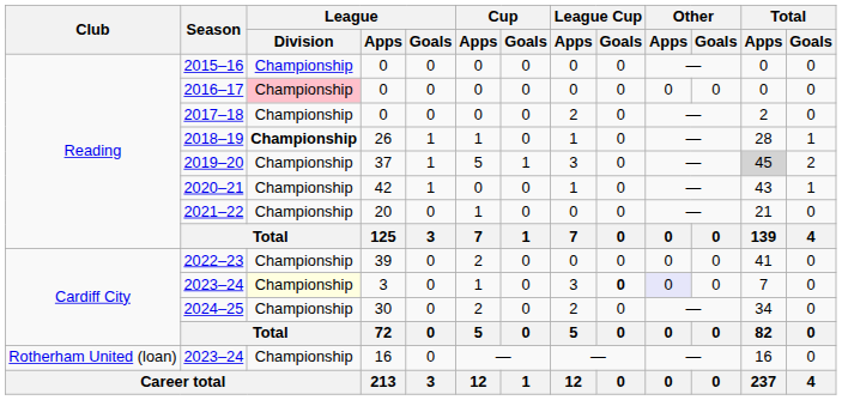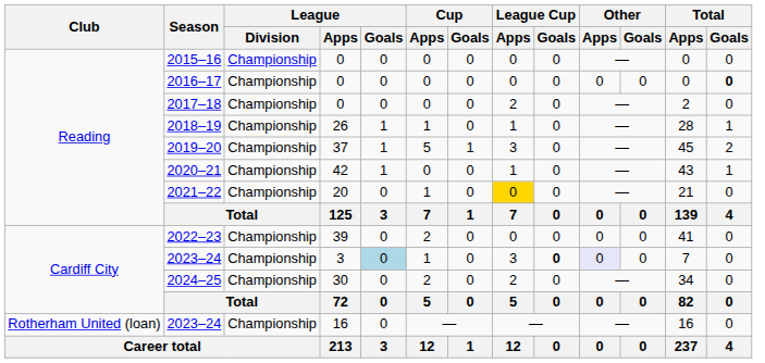 <table class=wikitable style="text-align: center;">
 <tr>
 <th rowspan=2>Club</th>
 <th rowspan=2>Season</th>
 <th colspan=3>League</th>
 <th colspan=2>Cup</th>
 <th colspan=2>League Cup</th>
 <th colspan=2>Other</th>
 <th colspan=2>Total</th>
 </tr>
 <tr>
 <th>Division</th>
 <th>Apps</th>
 <th>Goals</th>
 <th>Apps</th>
 <th>Goals</th>
 <th>Apps</th>
 <th>Goals</th>
 <th>Apps</th>
 <th>Goals</th>
 <th>Apps</th>
 <th>Goals</th>
 </tr>
 <tr>
 <td rowspan=8><a href='#'>Reading</a></td>
 <td><a href='#'>2015–16</a></td>
 <td><a href='#'>Championship</a></td>
 <td>0</td>
 <td>0</td>
 <td>0</td>
 <td>0</td>
 <td>0</td>
 <td>0</td>
 <td colspan=2>—</td>
 <td>0</td>
 <td>0</td>
 </tr>
 <tr>
 <td><a href='#'>2016–17</a></td>
-<td style="background: pink;">Championship</td>
+<td>Championship</td>
 <td>0</td>
 <td>0</td>
 <td>0</td>
 <td>0</td>
 <td>0</td>
 <td>0</td>
 <td>0</td>
 <td>0</td>
 <td>0</td>
-<td>0</td>
+<td><strong>0</strong></td>
 </tr>
 <tr>
 <td><a href='#'>2017–18</a></td>
 <td>Championship</td>
 <td>0</td>
 <td>0</td>
 <td>0</td>
 <td>0</td>
 <td>2</td>
 <td>0</td>
 <td colspan=2>—</td>
 <td>2</td>
 <td>0</td>
 </tr>
 <tr>
 <td><a href='#'>2018–19</a></td>
-<td><strong>Championship</strong></td>
+<td>Championship</td>
 <td>26</td>
 <td>1</td>
 <td>1</td>
 <td>0</td>
 <td>1</td>
 <td>0</td>
 <td colspan=2>—</td>
 <td>28</td>
 <td>1</td>
 </tr>
 <tr>
 <td><a href='#'>2019–20</a></td>
 <td>Championship</td>
 <td>37</td>
 <td>1</td>
 <td>5</td>
 <td>1</td>
 <td>3</td>
 <td>0</td>
 <td colspan=2>—</td>
-<td style="background: lightgrey;">45</td>
+<td>45</td>
 <td>2</td>
 </tr>
 <tr>
 <td><a href='#'>2020–21</a></td>
 <td>Championship</td>
 <td>42</td>
 <td>1</td>
 <td>0</td>
 <td>0</td>
 <td>1</td>
 <td>0</td>
 <td colspan=2>—</td>
 <td>43</td>
 <td>1</td>
 </tr>
 <tr>
 <td><a href='#'>2021–22</a></td>
 <td>Championship</td>
 <td>20</td>
 <td>0</td>
 <td>1</td>
 <td>0</td>
-<td>0</td>
+<td style="background: gold;">0</td>
 <td>0</td>
 <td colspan=2>—</td>
 <td>21</td>
 <td>0</td>
 </tr>
 <tr>
 <th colspan=2>Total</th>
 <th>125</th>
 <th>3</th>
 <th>7</th>
 <th>1</th>
 <th>7</th>
 <th>0</th>
 <th>0</th>
 <th>0</th>
 <th>139</th>
 <th>4</th>
 </tr>
 <tr>
 <td rowspan=4><a href='#'>Cardiff City</a></td>
 <td><a href='#'>2022–23</a></td>
 <td>Championship</td>
 <td>39</td>
 <td>0</td>
 <td>2</td>
 <td>0</td>
 <td>0</td>
 <td>0</td>
 <td>0</td>
 <td>0</td>
 <td>41</td>
 <td>0</td>
 </tr>
 <tr>
 <td><a href='#'>2023–24</a></td>
-<td style="background: lightyellow;">Championship</td>
+<td>Championship</td>
 <td>3</td>
-<td>0</td>
+<td style="background: lightblue;">0</td>
 <td>1</td>
 <td>0</td>
 <td>3</td>
 <td><strong>0</strong></td>
 <td style="background: lavender;">0</td>
 <td>0</td>
 <td>7</td>
 <td>0</td>
 </tr>
 <tr>
 <td><a href='#'>2024–25</a></td>
 <td>Championship</td>
 <td>30</td>
 <td>0</td>
 <td>2</td>
 <td>0</td>
 <td>2</td>
 <td>0</td>
 <td colspan="2">—</td>
 <td>34</td>
 <td>0</td>
 </tr>
 <tr>
 <th colspan=2>Total</th>
 <th>72</th>
 <th>0</th>
 <th>5</th>
 <th>0</th>
 <th>5</th>
 <th>0</th>
 <th>0</th>
 <th>0</th>
 <th>82</th>
 <th>0</th>
 </tr>
 <tr>
 <td><a href='#'>Rotherham United</a> (loan)</td>
 <td><a href='#'>2023–24</a></td>
 <td>Championship</td>
 <td>16</td>
 <td>0</td>
 <td colspan=2>—</td>
 <td colspan=2>—</td>
 <td colspan=2>—</td>
 <td>16</td>
 <td>0</td>
 </tr>
 <tr>
 <th colspan=3>Career total</th>
 <th>213</th>
 <th>3</th>
 <th>12</th>
 <th>1</th>
 <th>12</th>
 <th>0</th>
 <th>0</th>
 <th>0</th>
 <th>237</th>
 <th>4</th>
 </tr>
 </table>
